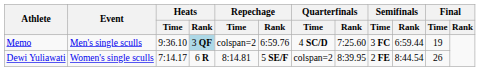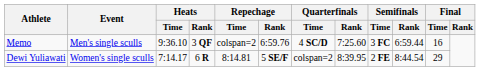 <table class="wikitable" style="font-size:90%">
 <tr>
 <th rowspan="2">Athlete</th>
 <th rowspan="2">Event</th>
 <th colspan="2">Heats</th>
 <th colspan="2">Repechage</th>
 <th colspan="2">Quarterfinals</th>
 <th colspan="2">Semifinals</th>
 <th colspan="2">Final</th>
 </tr>
 <tr style="font-size:95%">
 <th>Time</th>
 <th>Rank</th>
 <th>Time</th>
 <th>Rank</th>
 <th>Time</th>
 <th>Rank</th>
 <th>Time</th>
 <th>Rank</th>
 <th>Time</th>
 <th>Rank</th>
 </tr>
 <tr align=center>
 <td align=left><a href='#'>Memo</a></td>
 <td align=left><a href='#'>Men's single sculls</a></td>
 <td>9:36.10</td>
-<td style="background: lightblue;">3 <strong>QF</strong></td>
+<td>3 <strong>QF</strong></td>
 <td>colspan=2 </td>
 <td>6:59.76</td>
 <td>4 <strong>SC/D</strong></td>
 <td>7:25.60</td>
 <td>3 <strong>FC</strong></td>
 <td>6:59.44</td>
-<td>19</td>
+<td>16</td>
 </tr>
 <tr align=center>
 <td align=left><a href='#'>Dewi Yuliawati</a></td>
 <td align=left><a href='#'>Women's single sculls</a></td>
 <td>7:14.17</td>
 <td>6 <strong>R</strong></td>
 <td>8:14.81</td>
 <td>5 <strong>SE/F</strong></td>
 <td>colspan=2 </td>
 <td>8:39.95</td>
 <td>2 <strong>FE</strong></td>
 <td>8:44.54</td>
-<td>26</td>
+<td>29</td>
 </tr>
 </table>
